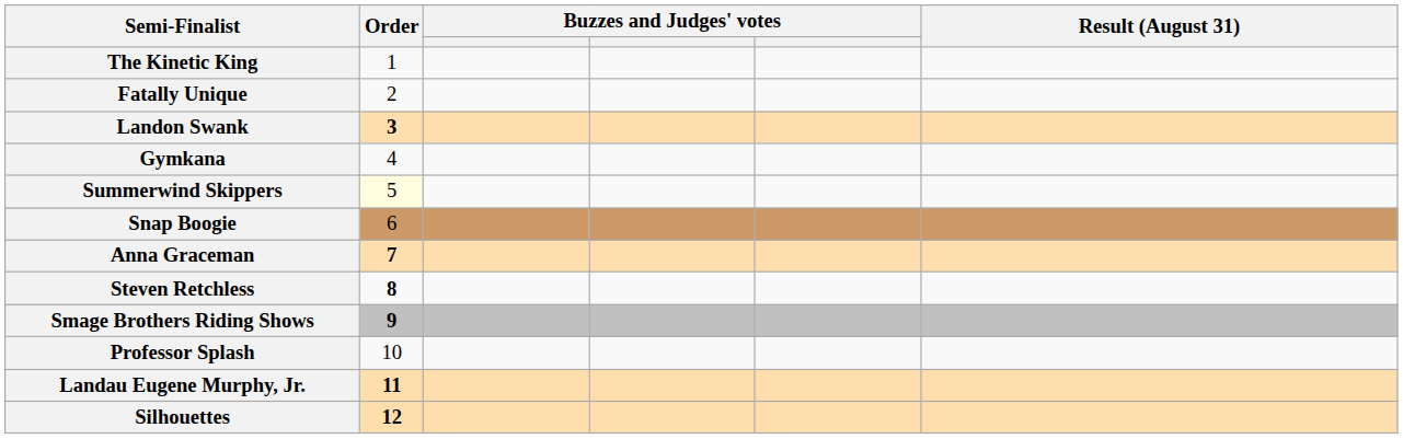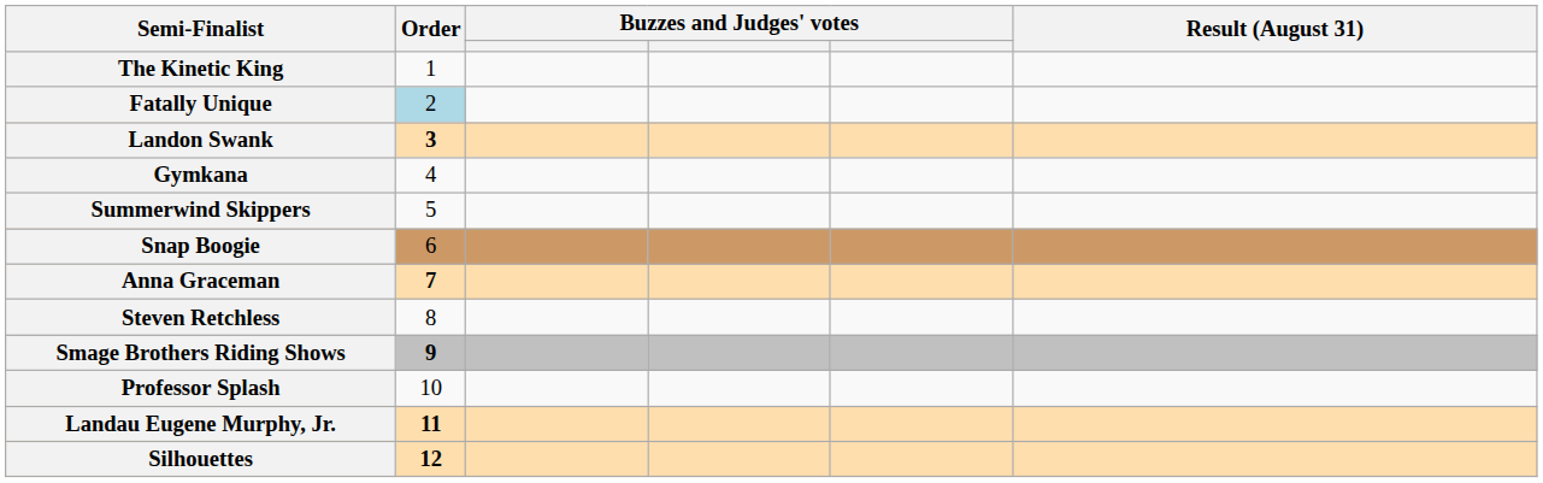 <table class="wikitable plainrowheaders sortable" style="text-align:center;">
 <tr>
 <th scope="col" rowspan="2" class="unsortable" style="width:17em;">Semi-Finalist</th>
 <th scope="col" rowspan="2" style="width:1em;">Order</th>
 <th scope="col" colspan="3" class="unsortable" style="width:24em;">Buzzes and Judges' votes</th>
 <th scope="col" rowspan="2" style="width:23em;">Result (August 31)</th>
 </tr>
 <tr>
 <th scope="col" class="unsortable" style="width:6em;"></th>
 <th scope="col" class="unsortable" style="width:6em;"></th>
 <th scope="col" class="unsortable" style="width:6em;"></th>
 </tr>
 <tr>
 <th scope="row">The Kinetic King</th>
 <td>1</td>
 <td style="text-align:center;"></td>
 <td style="text-align:center;"></td>
 <td style="text-align:center;"></td>
 <td></td>
 </tr>
 <tr>
 <th scope="row">Fatally Unique</th>
-<td>2</td>
+<td style="background: lightblue;">2</td>
 <td style="text-align:center;"></td>
 <td style="text-align:center;"></td>
 <td style="text-align:center;"></td>
 <td></td>
 </tr>
 <tr style="background:NavajoWhite;"'>
 <th scope="row"><strong>Landon Swank</strong></th>
 <td><strong>3</strong></td>
 <td style="text-align:center;"></td>
 <td style="text-align:center;"></td>
 <td style="text-align:center;"></td>
 <td><strong></strong></td>
 </tr>
 <tr>
 <th scope="row">Gymkana</th>
 <td>4</td>
 <td style="text-align:center;"></td>
 <td style="text-align:center;"></td>
 <td style="text-align:center;"></td>
 <td></td>
 </tr>
 <tr>
 <th scope="row">Summerwind Skippers</th>
-<td style="background: lightyellow;">5</td>
+<td>5</td>
 <td style="text-align:center;"></td>
 <td style="text-align:center;"></td>
 <td style="text-align:center;"></td>
 <td></td>
 </tr>
 <tr style="background:#c96;">
 <th scope="row">Snap Boogie</th>
 <td>6</td>
 <td style="text-align:center;"></td>
 <td style="text-align:center;"></td>
 <td style="text-align:center;"></td>
 <td></td>
 </tr>
 <tr style="background:NavajoWhite;">
 <th scope="row"><strong>Anna Graceman</strong></th>
 <td><strong>7</strong></td>
 <td style="text-align:center;"></td>
 <td style="text-align:center;"></td>
 <td style="text-align:center;"></td>
 <td><strong></strong></td>
 </tr>
 <tr>
 <th scope="row">Steven Retchless</th>
-<td><strong>8</strong></td>
+<td>8</td>
 <td style="text-align:center;"></td>
 <td style="text-align:center;"></td>
 <td style="text-align:center;"></td>
 <td></td>
 </tr>
 <tr style="background:Silver;">
 <th scope="row"><strong>Smage Brothers Riding Shows</strong></th>
 <td><strong>9</strong></td>
 <td style="text-align:center;"></td>
 <td style="text-align:center;"></td>
 <td style="text-align:center;"></td>
 <td><strong></strong></td>
 </tr>
 <tr>
 <th scope="row">Professor Splash</th>
 <td>10</td>
 <td style="text-align:center;"></td>
 <td style="text-align:center;"></td>
 <td style="text-align:center;"></td>
 <td></td>
 </tr>
 <tr style="background:NavajoWhite;">
 <th scope="row"><strong>Landau Eugene Murphy, Jr.</strong></th>
 <td><strong>11</strong></td>
 <td style="text-align:center;"></td>
 <td style="text-align:center;"></td>
 <td style="text-align:center;"></td>
 <td><strong></strong></td>
 </tr>
 <tr style="background:NavajoWhite;">
 <th scope="row"><strong>Silhouettes</strong></th>
 <td><strong>12</strong></td>
 <td style="text-align:center;"></td>
 <td style="text-align:center;"></td>
 <td style="text-align:center;"></td>
 <td><strong></strong></td>
 </tr>
 </table>
